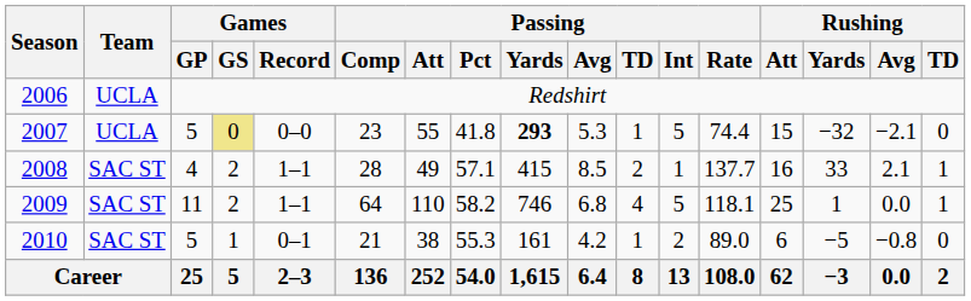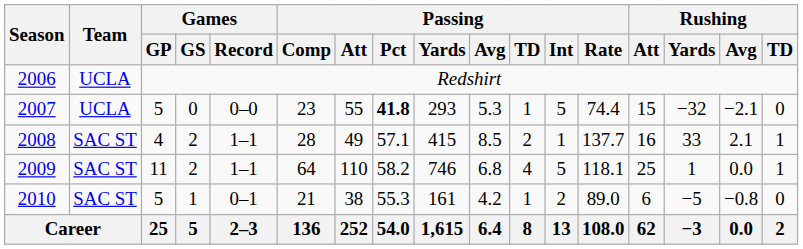 <table class="wikitable sortable" style="text-align:center;">
 <tr>
 <th rowspan="2">Season</th>
 <th rowspan="2">Team</th>
 <th colspan="3">Games</th>
 <th colspan="8">Passing</th>
 <th colspan="5">Rushing</th>
 </tr>
 <tr>
 <th>GP</th>
 <th>GS</th>
 <th>Record</th>
 <th>Comp</th>
 <th>Att</th>
 <th>Pct</th>
 <th>Yards</th>
 <th>Avg</th>
 <th>TD</th>
 <th>Int</th>
 <th>Rate</th>
 <th>Att</th>
 <th>Yards</th>
 <th>Avg</th>
 <th>TD</th>
 </tr>
 <tr>
 <td><a href='#'>2006</a></td>
 <td><a href='#'>UCLA</a></td>
 <td colspan="17"><em>Redshirt </em></td>
 </tr>
 <tr>
 <td><a href='#'>2007</a></td>
 <td><a href='#'>UCLA</a></td>
 <td>5</td>
-<td style="background: khaki;">0</td>
+<td>0</td>
 <td>0–0</td>
 <td>23</td>
 <td>55</td>
-<td>41.8</td>
-<td><strong>293</strong></td>
+<td><strong>41.8</strong></td>
+<td>293</td>
 <td>5.3</td>
 <td>1</td>
 <td>5</td>
 <td>74.4</td>
 <td>15</td>
 <td>−32</td>
 <td>−2.1</td>
 <td>0</td>
 </tr>
 <tr>
 <td><a href='#'>2008</a></td>
 <td><a href='#'>SAC ST</a></td>
 <td>4</td>
 <td>2</td>
 <td>1–1</td>
 <td>28</td>
 <td>49</td>
 <td>57.1</td>
 <td>415</td>
 <td>8.5</td>
 <td>2</td>
 <td>1</td>
 <td>137.7</td>
 <td>16</td>
 <td>33</td>
 <td>2.1</td>
 <td>1</td>
 </tr>
 <tr>
 <td><a href='#'>2009</a></td>
 <td><a href='#'>SAC ST</a></td>
 <td>11</td>
 <td>2</td>
 <td>1–1</td>
 <td>64</td>
 <td>110</td>
 <td>58.2</td>
 <td>746</td>
 <td>6.8</td>
 <td>4</td>
 <td>5</td>
 <td>118.1</td>
 <td>25</td>
 <td>1</td>
 <td>0.0</td>
 <td>1</td>
 </tr>
 <tr>
 <td><a href='#'>2010</a></td>
 <td><a href='#'>SAC ST</a></td>
 <td>5</td>
 <td>1</td>
 <td>0–1</td>
 <td>21</td>
 <td>38</td>
 <td>55.3</td>
 <td>161</td>
 <td>4.2</td>
 <td>1</td>
 <td>2</td>
 <td>89.0</td>
 <td>6</td>
 <td>−5</td>
 <td>−0.8</td>
 <td>0</td>
 </tr>
 <tr>
 <th colspan="2">Career</th>
 <th>25</th>
 <th>5</th>
 <th>2–3</th>
 <th>136</th>
 <th>252</th>
 <th>54.0</th>
 <th>1,615</th>
 <th>6.4</th>
 <th>8</th>
 <th>13</th>
 <th>108.0</th>
 <th>62</th>
 <th>−3</th>
 <th>0.0</th>
 <th>2</th>
 </tr>
 </table>
